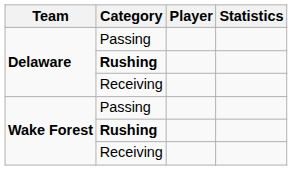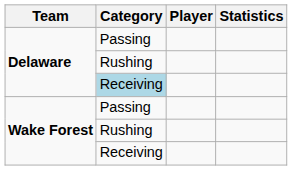 <table class="wikitable" style="float: right;">
 <tr>
 <th>Team</th>
 <th>Category</th>
 <th>Player</th>
 <th>Statistics</th>
 </tr>
 <tr>
 <td rowspan=3><strong>Delaware</strong></td>
 <td>Passing</td>
 <td></td>
 <td></td>
 </tr>
 <tr>
-<td><strong>Rushing</strong></td>
+<td>Rushing</td>
 <td></td>
 <td></td>
 </tr>
 <tr>
-<td>Receiving</td>
+<td style="background: lightblue;">Receiving</td>
 <td></td>
 <td></td>
 </tr>
 <tr>
 <td rowspan=3><strong>Wake Forest</strong></td>
 <td>Passing</td>
 <td></td>
 <td></td>
 </tr>
 <tr>
-<td><strong>Rushing</strong></td>
+<td>Rushing</td>
 <td></td>
 <td></td>
 </tr>
 <tr>
 <td>Receiving</td>
 <td></td>
 <td></td>
 </tr>
 </table>
